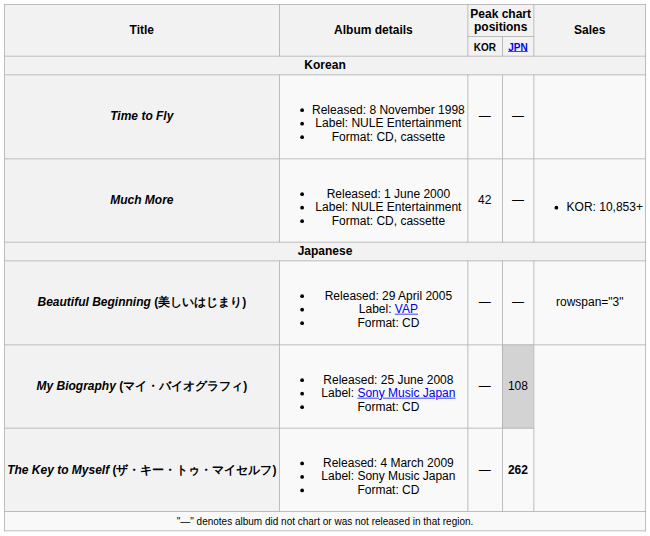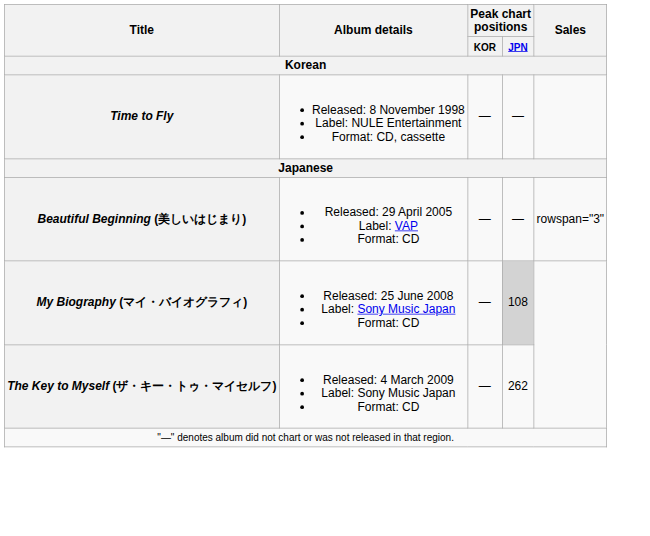 <table class="wikitable plainrowheaders" style="text-align:center;">
 <tr>
 <th scope="col" rowspan="2">Title</th>
 <th scope="col" rowspan="2">Album details</th>
 <th colspan="2" scope="col">Peak chart<br>positions</th>
 <th scope="col" rowspan="2">Sales</th>
 </tr>
 <tr>
 <th><small>KOR</small><br></th>
 <th><small><a href='#'>JPN</a></small><br></th>
 </tr>
 <tr>
 <th colspan="5">Korean</th>
 </tr>
 <tr>
 <th scope="row"><em>Time to Fly</em></th>
 <td><br><ul><li>Released: 8 November 1998</li><li>Label: NULE Entertainment</li><li>Format: CD, cassette</li></ul></td>
 <td>—</td>
 <td>—</td>
 <td></td>
 </tr>
 <tr>
-<th scope="row"><em>Much More</em></th>
-<td><br><ul><li>Released: 1 June 2000</li><li>Label: NULE Entertainment</li><li>Format: CD, cassette</li></ul></td>
-<td>42</td>
-<td>—</td>
-<td><br><ul><li>KOR: 10,853+</li></ul></td>
-</tr>
-<tr>
 <th colspan="5">Japanese</th>
 </tr>
 <tr>
 <th scope="row"><em>Beautiful Beginning</em> (美しいはじまり)</th>
 <td><br><ul><li>Released: 29 April 2005</li><li>Label: <a href='#'>VAP</a></li><li>Format: CD</li></ul></td>
 <td>—</td>
 <td>—</td>
 <td>rowspan="3" </td>
 </tr>
 <tr>
 <th scope="row"><em>My Biography</em> (マイ・バイオグラフィ)</th>
 <td><br><ul><li>Released: 25 June 2008</li><li>Label: <a href='#'>Sony Music Japan</a></li><li>Format: CD</li></ul></td>
 <td>—</td>
 <td style="background: lightgrey;">108</td>
 </tr>
 <tr>
 <th scope="row"><em>The Key to Myself</em> (ザ・キー・トゥ・マイセルフ)</th>
 <td><br><ul><li>Released: 4 March 2009</li><li>Label: Sony Music Japan</li><li>Format: CD</li></ul></td>
 <td>—</td>
-<td><strong>262</strong></td>
+<td>262</td>
 </tr>
 <tr>
 <td colspan="5" align="center"><small>"—" denotes album did not chart or was not released in that region.</small></td>
 </tr>
 </table>
